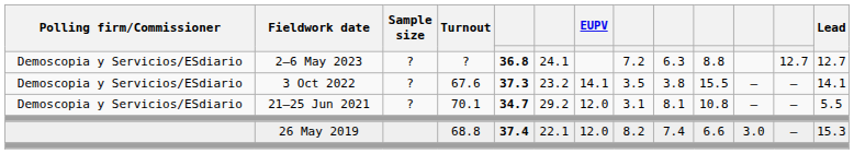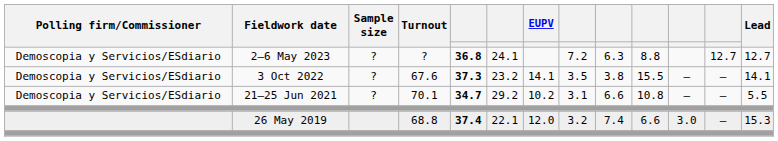 <table class="wikitable collapsible collapsed" style="text-align:center; font-size:95%; line-height:16px;">
 <tr style="height:42px;">
 <th style="width:250px;" rowspan="2">Polling firm/Commissioner</th>
 <th style="width:125px;" rowspan="2">Fieldwork date</th>
 <th style="width:50px;" rowspan="2">Sample size</th>
 <th style="width:45px;" rowspan="2">Turnout</th>
 <th style="width:35px;"></th>
 <th style="width:35px;"></th>
 <th style="width:35px; font-size:95%;"><a href='#'>EUPV</a></th>
 <th style="width:35px;"></th>
 <th style="width:35px;"></th>
 <th style="width:35px;"></th>
 <th style="width:35px;"></th>
 <th style="width:35px;"></th>
 <th style="width:30px;" rowspan="2">Lead</th>
 </tr>
 <tr>
 <th style="color:inherit;background:"></th>
 <th style="color:inherit;background:"></th>
 <th style="color:inherit;background:"></th>
 <th style="color:inherit;background:"></th>
 <th style="color:inherit;background:"></th>
 <th style="color:inherit;background:"></th>
 <th style="color:inherit;background:"></th>
 <th style="color:inherit;background:"></th>
 </tr>
 <tr>
 <td>Demoscopia y Servicios/ESdiario</td>
 <td>2–6 May 2023</td>
 <td>?</td>
 <td>?</td>
 <td><strong>36.8</strong><br></td>
 <td>24.1<br></td>
 <td></td>
 <td>7.2<br></td>
 <td>6.3<br></td>
 <td>8.8<br></td>
 <td></td>
 <td>12.7<br></td>
 <td style="background:">12.7</td>
 </tr>
 <tr>
 <td>Demoscopia y Servicios/ESdiario</td>
 <td>3 Oct 2022</td>
 <td>?</td>
 <td>67.6</td>
 <td><strong>37.3</strong><br></td>
 <td>23.2<br></td>
 <td>14.1<br></td>
 <td>3.5<br></td>
 <td>3.8<br></td>
 <td>15.5<br></td>
 <td>–</td>
 <td>–</td>
 <td style="background:">14.1</td>
 </tr>
 <tr>
 <td>Demoscopia y Servicios/ESdiario</td>
 <td>21–25 Jun 2021</td>
 <td>?</td>
 <td>70.1</td>
 <td><strong>34.7</strong><br></td>
 <td>29.2<br></td>
-<td>12.0<br></td>
+<td>10.2<br></td>
 <td>3.1<br></td>
-<td>8.1<br></td>
+<td>6.6<br></td>
 <td>10.8<br></td>
 <td>–</td>
 <td>–</td>
 <td style="background:">5.5</td>
 </tr>
 <tr>
 <td colspan="13" style="background:#A0A0A0"></td>
 </tr>
 <tr style="background:#EFEFEF;">
 <td><strong></strong></td>
 <td>26 May 2019</td>
 <td></td>
 <td>68.8</td>
 <td><strong>37.4</strong><br></td>
 <td>22.1<br></td>
 <td>12.0<br></td>
-<td>8.2<br></td>
+<td>3.2<br></td>
 <td>7.4<br></td>
 <td>6.6<br></td>
 <td>3.0<br></td>
 <td>–</td>
 <td style="background:">15.3</td>
 </tr>
 <tr>
 <td colspan="13" style="background:#A0A0A0"></td>
 </tr>
 </table>
